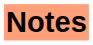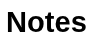 <table style="text-align:left;font-size:90%;">
 <tr>
 <td></td>
 </tr>
 <tr>
-<td style="background: lightsalmon;"><strong>Notes</strong><br></td>
+<td><strong>Notes</strong><br></td>
 </tr>
 </table>
